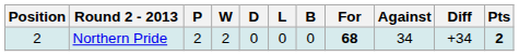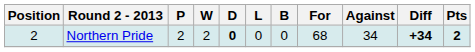 <table class="wikitable" style="text-align:center; font-size:85%;">
 <tr>
 <th width=40 abbr="Position">Position</th>
 <th width=100>Round 2 - 2013</th>
 <th width=20 abbr="Played">P</th>
 <th width=20 abbr="Won">W</th>
 <th width=20 abbr="Drawn">D</th>
 <th width=20 abbr="Lost">L</th>
 <th width=20 abbr="Bye">B</th>
 <th width=40 abbr="Points for">For</th>
 <th width=40 abbr="Points against">Against</th>
 <th width=40 abbr="Points difference">Diff</th>
 <th width=20 abbr="Points">Pts</th>
 </tr>
 <tr style="background: #d7ebed;">
 <td>2</td>
 <td style="text-align:left;"> <a href='#'>Northern Pride</a></td>
 <td>2</td>
 <td>2</td>
+<td><strong>0</strong></td>
 <td>0</td>
 <td>0</td>
-<td>0</td>
-<td><strong>68</strong></td>
+<td>68</td>
 <td>34</td>
-<td>+34</td>
+<td><strong>+34</strong></td>
 <td><strong>2</strong></td>
 </tr>
 <tr>
 </tr>
 </table>
